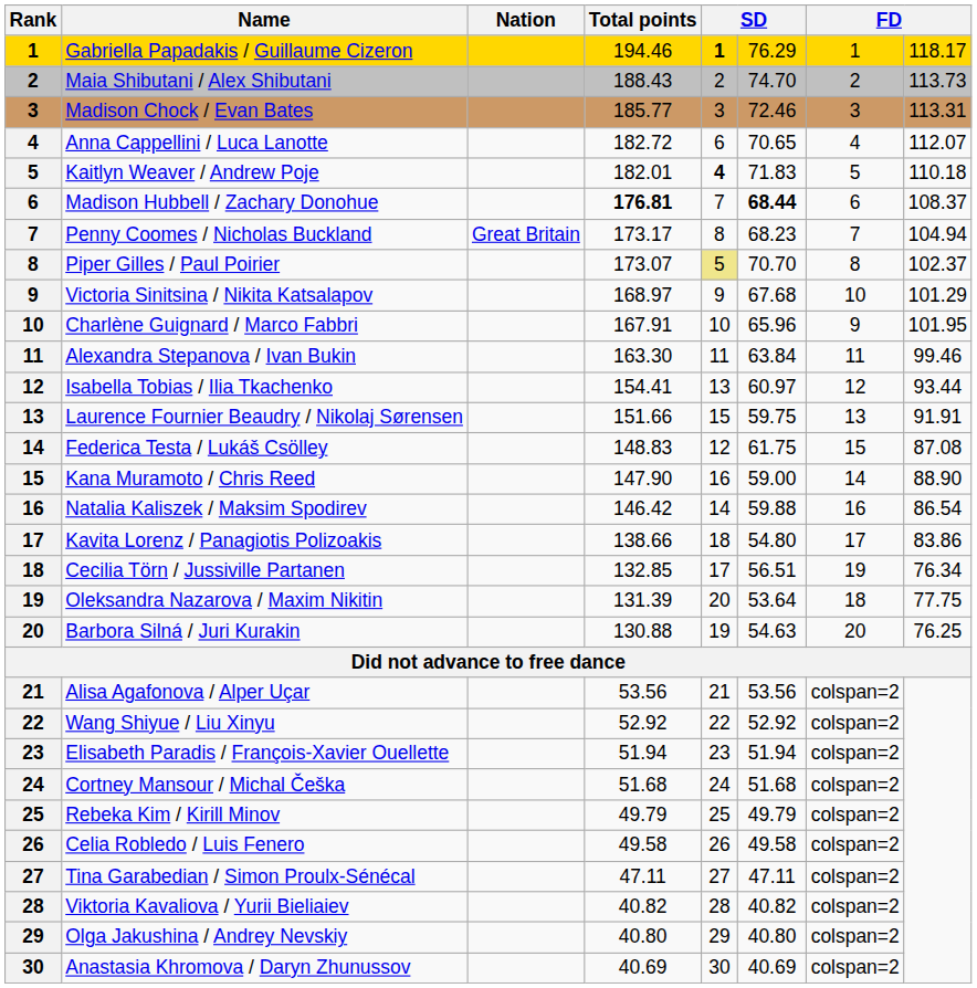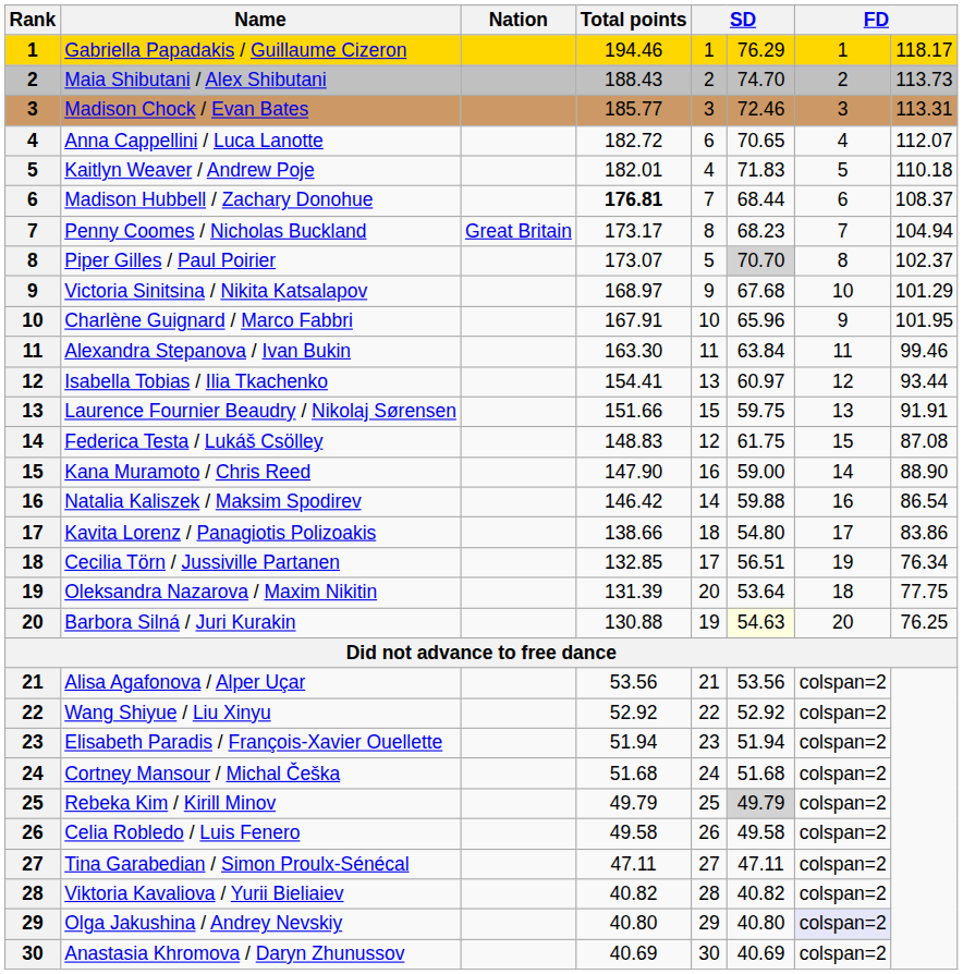 <table class="wikitable sortable">
 <tr>
 <th>Rank</th>
 <th>Name</th>
 <th>Nation</th>
 <th>Total points</th>
 <th colspan="2" width="80px"><a href='#'>SD</a></th>
 <th colspan="2" width="80px"><a href='#'>FD</a></th>
 </tr>
 <tr bgcolor="gold">
 <td align="center"><strong>1</strong></td>
 <td><a href='#'>Gabriella Papadakis</a> / <a href='#'>Guillaume Cizeron</a></td>
 <td></td>
 <td align="center">194.46</td>
-<td align="center"><strong>1</strong></td>
+<td align="center">1</td>
 <td align="center">76.29</td>
 <td align="center">1</td>
 <td align="center">118.17</td>
 </tr>
 <tr bgcolor="silver">
 <td align="center"><strong>2</strong></td>
 <td><a href='#'>Maia Shibutani</a> / <a href='#'>Alex Shibutani</a></td>
 <td></td>
 <td align="center">188.43</td>
 <td align="center">2</td>
 <td align="center">74.70</td>
 <td align="center">2</td>
 <td align="center">113.73</td>
 </tr>
 <tr bgcolor="cc9966">
 <td align="center"><strong>3</strong></td>
 <td><a href='#'>Madison Chock</a> / <a href='#'>Evan Bates</a></td>
 <td></td>
 <td align="center">185.77</td>
 <td align="center">3</td>
 <td align="center">72.46</td>
 <td align="center">3</td>
 <td align="center">113.31</td>
 </tr>
 <tr>
 <th>4</th>
 <td><a href='#'>Anna Cappellini</a> / <a href='#'>Luca Lanotte</a></td>
 <td></td>
 <td align="center">182.72</td>
 <td align="center">6</td>
 <td align="center">70.65</td>
 <td align="center">4</td>
 <td align="center">112.07</td>
 </tr>
 <tr>
 <th>5</th>
 <td><a href='#'>Kaitlyn Weaver</a> / <a href='#'>Andrew Poje</a></td>
 <td></td>
 <td align="center">182.01</td>
-<td align="center"><strong>4</strong></td>
+<td align="center">4</td>
 <td align="center">71.83</td>
 <td align="center">5</td>
 <td align="center">110.18</td>
 </tr>
 <tr>
 <th>6</th>
 <td><a href='#'>Madison Hubbell</a> / <a href='#'>Zachary Donohue</a></td>
 <td></td>
 <td align="center"><strong>176.81</strong></td>
 <td align="center">7</td>
-<td align="center"><strong>68.44</strong></td>
+<td align="center">68.44</td>
 <td align="center">6</td>
 <td align="center">108.37</td>
 </tr>
 <tr>
 <th>7</th>
 <td><a href='#'>Penny Coomes</a> / <a href='#'>Nicholas Buckland</a></td>
 <td> <a href='#'>Great Britain</a></td>
 <td align="center">173.17</td>
 <td align="center">8</td>
 <td align="center">68.23</td>
 <td align="center">7</td>
 <td align="center">104.94</td>
 </tr>
 <tr>
 <th>8</th>
 <td><a href='#'>Piper Gilles</a> / <a href='#'>Paul Poirier</a></td>
 <td></td>
 <td align="center">173.07</td>
-<td align="center" style="background: khaki;">5</td>
-<td align="center">70.70</td>
+<td align="center">5</td>
+<td align="center" style="background: lightgrey;">70.70</td>
 <td align="center">8</td>
 <td align="center">102.37</td>
 </tr>
 <tr>
 <th>9</th>
 <td><a href='#'>Victoria Sinitsina</a> / <a href='#'>Nikita Katsalapov</a></td>
 <td></td>
 <td align="center">168.97</td>
 <td align="center">9</td>
 <td align="center">67.68</td>
 <td align="center">10</td>
 <td align="center">101.29</td>
 </tr>
 <tr>
 <th>10</th>
 <td><a href='#'>Charlène Guignard</a> / <a href='#'>Marco Fabbri</a></td>
 <td></td>
 <td align="center">167.91</td>
 <td align="center">10</td>
 <td align="center">65.96</td>
 <td align="center">9</td>
 <td align="center">101.95</td>
 </tr>
 <tr>
 <th>11</th>
 <td><a href='#'>Alexandra Stepanova</a> / <a href='#'>Ivan Bukin</a></td>
 <td></td>
 <td align="center">163.30</td>
 <td align="center">11</td>
 <td align="center">63.84</td>
 <td align="center">11</td>
 <td align="center">99.46</td>
 </tr>
 <tr>
 <th>12</th>
 <td><a href='#'>Isabella Tobias</a> / <a href='#'>Ilia Tkachenko</a></td>
 <td></td>
 <td align="center">154.41</td>
 <td align="center">13</td>
 <td align="center">60.97</td>
 <td align="center">12</td>
 <td align="center">93.44</td>
 </tr>
 <tr>
 <th>13</th>
 <td><a href='#'>Laurence Fournier Beaudry</a> / <a href='#'>Nikolaj Sørensen</a></td>
 <td></td>
 <td align="center">151.66</td>
 <td align="center">15</td>
 <td align="center">59.75</td>
 <td align="center">13</td>
 <td align="center">91.91</td>
 </tr>
 <tr>
 <th>14</th>
 <td><a href='#'>Federica Testa</a> / <a href='#'>Lukáš Csölley</a></td>
 <td></td>
 <td align="center">148.83</td>
 <td align="center">12</td>
 <td align="center">61.75</td>
 <td align="center">15</td>
 <td align="center">87.08</td>
 </tr>
 <tr>
 <th>15</th>
 <td><a href='#'>Kana Muramoto</a> / <a href='#'>Chris Reed</a></td>
 <td></td>
 <td align="center">147.90</td>
 <td align="center">16</td>
 <td align="center">59.00</td>
 <td align="center">14</td>
 <td align="center">88.90</td>
 </tr>
 <tr>
 <th>16</th>
 <td><a href='#'>Natalia Kaliszek</a> / <a href='#'>Maksim Spodirev</a></td>
 <td></td>
 <td align="center">146.42</td>
 <td align="center">14</td>
 <td align="center">59.88</td>
 <td align="center">16</td>
 <td align="center">86.54</td>
 </tr>
 <tr>
 <th>17</th>
 <td><a href='#'>Kavita Lorenz</a> / <a href='#'>Panagiotis Polizoakis</a></td>
 <td></td>
 <td align="center">138.66</td>
 <td align="center">18</td>
 <td align="center">54.80</td>
 <td align="center">17</td>
 <td align="center">83.86</td>
 </tr>
 <tr>
 <th>18</th>
 <td><a href='#'>Cecilia Törn</a> / <a href='#'>Jussiville Partanen</a></td>
 <td></td>
 <td align="center">132.85</td>
 <td align="center">17</td>
 <td align="center">56.51</td>
 <td align="center">19</td>
 <td align="center">76.34</td>
 </tr>
 <tr>
 <th>19</th>
 <td><a href='#'>Oleksandra Nazarova</a> / <a href='#'>Maxim Nikitin</a></td>
 <td></td>
 <td align="center">131.39</td>
 <td align="center">20</td>
 <td align="center">53.64</td>
 <td align="center">18</td>
 <td align="center">77.75</td>
 </tr>
 <tr>
 <th>20</th>
 <td><a href='#'>Barbora Silná</a> / <a href='#'>Juri Kurakin</a></td>
 <td></td>
 <td align="center">130.88</td>
 <td align="center">19</td>
-<td align="center">54.63</td>
+<td align="center" style="background: lightyellow;">54.63</td>
 <td align="center">20</td>
 <td align="center">76.25</td>
 </tr>
 <tr>
 <th colspan=10>Did not advance to free dance</th>
 </tr>
 <tr>
 <th>21</th>
 <td><a href='#'>Alisa Agafonova</a> / <a href='#'>Alper Uçar</a></td>
 <td></td>
 <td align="center">53.56</td>
 <td align="center">21</td>
 <td align="center">53.56</td>
 <td>colspan=2 </td>
 </tr>
 <tr>
 <th>22</th>
 <td><a href='#'>Wang Shiyue</a> / <a href='#'>Liu Xinyu</a></td>
 <td></td>
 <td align="center">52.92</td>
 <td align="center">22</td>
 <td align="center">52.92</td>
 <td>colspan=2 </td>
 </tr>
 <tr>
 <th>23</th>
 <td><a href='#'>Elisabeth Paradis</a> / <a href='#'>François-Xavier Ouellette</a></td>
 <td></td>
 <td align="center">51.94</td>
 <td align="center">23</td>
 <td align="center">51.94</td>
 <td>colspan=2 </td>
 </tr>
 <tr>
 <th>24</th>
 <td><a href='#'>Cortney Mansour</a> / <a href='#'>Michal Češka</a></td>
 <td></td>
 <td align="center">51.68</td>
 <td align="center">24</td>
 <td align="center">51.68</td>
 <td>colspan=2 </td>
 </tr>
 <tr>
 <th>25</th>
 <td><a href='#'>Rebeka Kim</a> / <a href='#'>Kirill Minov</a></td>
 <td></td>
 <td align="center">49.79</td>
 <td align="center">25</td>
-<td align="center">49.79</td>
+<td align="center" style="background: lightgrey;">49.79</td>
 <td>colspan=2 </td>
 </tr>
 <tr>
 <th>26</th>
 <td><a href='#'>Celia Robledo</a> / <a href='#'>Luis Fenero</a></td>
 <td></td>
 <td align="center">49.58</td>
 <td align="center">26</td>
 <td align="center">49.58</td>
 <td>colspan=2 </td>
 </tr>
 <tr>
 <th>27</th>
 <td><a href='#'>Tina Garabedian</a> / <a href='#'>Simon Proulx-Sénécal</a></td>
 <td></td>
 <td align="center">47.11</td>
 <td align="center">27</td>
 <td align="center">47.11</td>
 <td>colspan=2 </td>
 </tr>
 <tr>
 <th>28</th>
 <td><a href='#'>Viktoria Kavaliova</a> / <a href='#'>Yurii Bieliaiev</a></td>
 <td></td>
 <td align="center">40.82</td>
 <td align="center">28</td>
 <td align="center">40.82</td>
 <td>colspan=2 </td>
 </tr>
 <tr>
 <th>29</th>
 <td><a href='#'>Olga Jakushina</a> / <a href='#'>Andrey Nevskiy</a></td>
 <td></td>
 <td align="center">40.80</td>
 <td align="center">29</td>
 <td align="center">40.80</td>
-<td>colspan=2 </td>
+<td style="background: lavender;">colspan=2 </td>
 </tr>
 <tr>
 <th>30</th>
 <td><a href='#'>Anastasia Khromova</a> / <a href='#'>Daryn Zhunussov</a></td>
 <td></td>
 <td align="center">40.69</td>
 <td align="center">30</td>
 <td align="center">40.69</td>
 <td>colspan=2 </td>
 </tr>
 </table>
